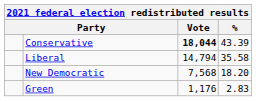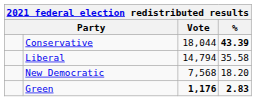 <table class="wikitable">
 <tr>
 <th colspan="4"><a href='#'>2021 federal election</a> redistributed results</th>
 </tr>
 <tr>
 <th bgcolor="#DDDDFF" width="130px" colspan="2">Party</th>
 <th bgcolor="#DDDDFF" width="50px">Vote</th>
 <th bgcolor="#DDDDFF" width="30px">%</th>
 </tr>
 <tr>
 <td> </td>
 <td><a href='#'>Conservative</a></td>
-<td align=right><strong>18,044</strong></td>
-<td align=right>43.39</td>
+<td align=right>18,044</td>
+<td align=right><strong>43.39</strong></td>
 </tr>
 <tr>
 <td> </td>
 <td><a href='#'>Liberal</a></td>
 <td align=right>14,794</td>
 <td align=right>35.58</td>
 </tr>
 <tr>
 <td> </td>
 <td><a href='#'>New Democratic</a></td>
 <td align=right>7,568</td>
 <td align=right>18.20</td>
 </tr>
 <tr>
 <td> </td>
 <td><a href='#'>Green</a></td>
-<td align=right>1,176</td>
-<td align=right>2.83</td>
+<td align=right><strong>1,176</strong></td>
+<td align=right><strong>2.83</strong></td>
 </tr>
 </table>
